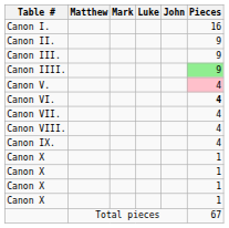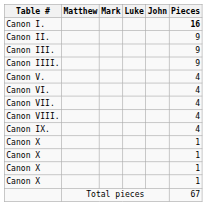 <table class=wikitable>
 <tr>
 <th>Table #</th>
 <th>Matthew</th>
 <th>Mark</th>
 <th>Luke</th>
 <th>John</th>
 <th>Pieces</th>
 </tr>
 <tr>
 <td>Canon I.</td>
 <td></td>
 <td></td>
 <td></td>
 <td></td>
-<td align="right">16</td>
+<td align="right"><strong>16</strong></td>
 </tr>
 <tr>
 <td>Canon II.</td>
 <td></td>
 <td></td>
 <td></td>
 <td></td>
 <td align="right">9</td>
 </tr>
 <tr>
 <td>Canon III.</td>
 <td></td>
 <td></td>
 <td></td>
 <td></td>
 <td align="right">9</td>
 </tr>
 <tr>
 <td>Canon IIII.</td>
 <td></td>
 <td></td>
 <td></td>
 <td></td>
-<td align="right" style="background: lightgreen;">9</td>
+<td align="right">9</td>
 </tr>
 <tr>
 <td>Canon V.</td>
 <td></td>
 <td></td>
 <td></td>
 <td></td>
-<td align="right" style="background: pink;">4</td>
+<td align="right">4</td>
 </tr>
 <tr>
 <td>Canon VI.</td>
 <td></td>
 <td></td>
 <td></td>
 <td></td>
-<td align="right"><strong>4</strong></td>
+<td align="right">4</td>
 </tr>
 <tr>
 <td>Canon VII.</td>
 <td></td>
 <td></td>
 <td></td>
 <td></td>
 <td align="right">4</td>
 </tr>
 <tr>
 <td>Canon VIII.</td>
 <td></td>
 <td></td>
 <td></td>
 <td></td>
 <td align="right">4</td>
 </tr>
 <tr>
 <td>Canon IX.</td>
 <td></td>
 <td></td>
 <td></td>
 <td></td>
 <td align="right">4</td>
 </tr>
 <tr>
 <td>Canon X</td>
 <td></td>
 <td></td>
 <td></td>
 <td></td>
 <td align="right">1</td>
 </tr>
 <tr>
 <td>Canon X</td>
 <td></td>
 <td></td>
 <td></td>
 <td></td>
 <td align="right">1</td>
 </tr>
 <tr>
 <td>Canon X</td>
 <td></td>
 <td></td>
 <td></td>
 <td></td>
 <td align="right">1</td>
 </tr>
 <tr>
 <td>Canon X</td>
 <td></td>
 <td></td>
 <td></td>
 <td></td>
 <td align="right">1</td>
 </tr>
 <tr>
 <td></td>
 <td colspan=4 align="center">Total pieces</td>
 <td align="right">67</td>
 </tr>
 </table>
